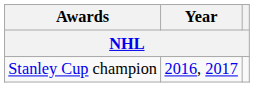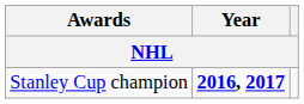 <table class="wikitable">
 <tr>
 <th>Awards</th>
 <th>Year</th>
 <th></th>
 </tr>
 <tr>
 <th colspan="3"><a href='#'>NHL</a></th>
 </tr>
 <tr>
 <td><a href='#'>Stanley Cup</a> champion</td>
-<td><a href='#'>2016</a>, <a href='#'>2017</a></td>
+<td><strong><a href='#'>2016</a>, <a href='#'>2017</a></strong></td>
 <td></td>
 </tr>
 </table>
